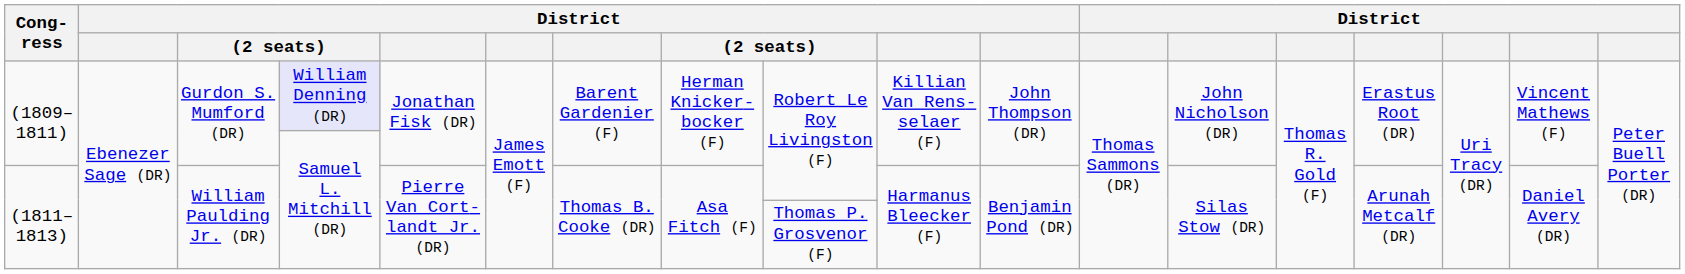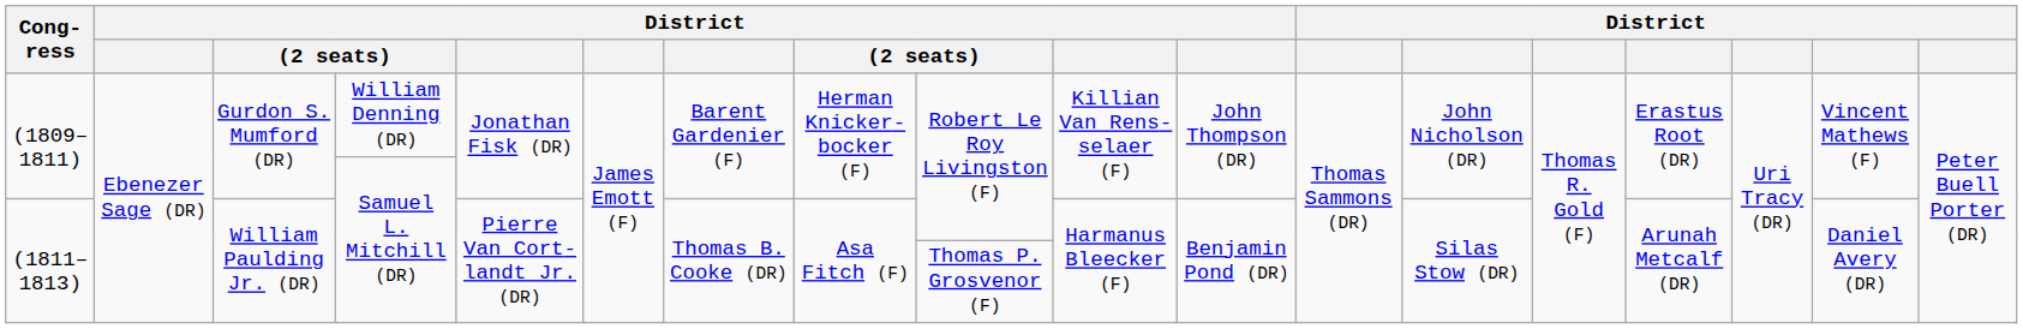 <table class=wikitable style="text-align:center">
 <tr>
 <th rowspan=2>Cong­ress</th>
 <th colspan=10>District</th>
 <th colspan=7>District</th>
 </tr>
 <tr>
 <th></th>
 <th colspan=2> (2 seats)</th>
 <th></th>
 <th></th>
 <th></th>
 <th colspan=2> (2 seats)</th>
 <th></th>
 <th></th>
 <th></th>
 <th></th>
 <th></th>
 <th></th>
 <th></th>
 <th></th>
 <th></th>
 </tr>
 <tr style="height:2em">
 <td rowspan=2><strong></strong><br>(1809–1811)</td>
 <td rowspan=4 ><a href='#'>Ebenezer Sage</a> <small>(DR)</small></td>
 <td rowspan=2 ><a href='#'>Gurdon S. Mumford</a> <small>(DR)</small></td>
-<td style="background: lavender;"><a href='#'>William Denning</a> <small>(DR)</small></td>
+<td><a href='#'>William Denning</a> <small>(DR)</small></td>
 <td rowspan=2 ><a href='#'>Jonathan Fisk</a> <small>(DR)</small></td>
 <td rowspan=4 ><a href='#'>James Emott</a> <small>(F)</small></td>
 <td rowspan=2 ><a href='#'>Barent Gardenier</a> <small>(F)</small></td>
 <td rowspan=2 ><a href='#'>Herman Knicker­bocker</a> <small>(F)</small></td>
 <td rowspan=3 ><a href='#'>Robert Le Roy Livings­ton</a> <small>(F)</small></td>
 <td rowspan=2 ><a href='#'>Killian Van Rens­selaer</a> <small>(F)</small></td>
 <td rowspan=2 ><a href='#'>John Thompson</a> <small>(DR)</small></td>
 <td rowspan=4 ><a href='#'>Thomas Sammons</a> <small>(DR)</small></td>
 <td rowspan=2 ><a href='#'>John Nicholson</a> <small>(DR)</small></td>
 <td rowspan=4 ><a href='#'>Thomas R. Gold</a> <small>(F)</small></td>
 <td rowspan=2 ><a href='#'>Erastus Root</a> <small>(DR)</small></td>
 <td rowspan=4 ><a href='#'>Uri Tracy</a> <small>(DR)</small></td>
 <td rowspan=2 ><a href='#'>Vincent Mathews</a> <small>(F)</small></td>
 <td rowspan=4 ><a href='#'>Peter Buell Porter</a> <small>(DR)</small></td>
 </tr>
 <tr style="height:2em">
 <td rowspan=3 ><a href='#'>Samuel L. Mitchill</a> <small>(DR)</small></td>
 </tr>
 <tr style="height:2em">
 <td rowspan=2><strong></strong><br>(1811–1813)</td>
 <td rowspan=2 ><a href='#'>William Paulding Jr.</a> <small>(DR)</small></td>
 <td rowspan=2 ><a href='#'>Pierre Van Cort­landt Jr.</a> <small>(DR)</small></td>
 <td rowspan=2 ><a href='#'>Thomas B. Cooke</a> <small>(DR)</small></td>
 <td rowspan=2 ><a href='#'>Asa Fitch</a> <small>(F)</small></td>
 <td rowspan=2 ><a href='#'>Harmanus Bleecker</a> <small>(F)</small></td>
 <td rowspan=2 ><a href='#'>Benjamin Pond</a> <small>(DR)</small></td>
 <td rowspan=2 ><a href='#'>Silas Stow</a> <small>(DR)</small></td>
 <td rowspan=2 ><a href='#'>Arunah Metcalf</a> <small>(DR)</small></td>
 <td rowspan=2 ><a href='#'>Daniel Avery</a> <small>(DR)</small></td>
 </tr>
 <tr style="height:2em">
 <td><a href='#'>Thomas P. Grosvenor</a> <small>(F)</small></td>
 </tr>
 </table>
